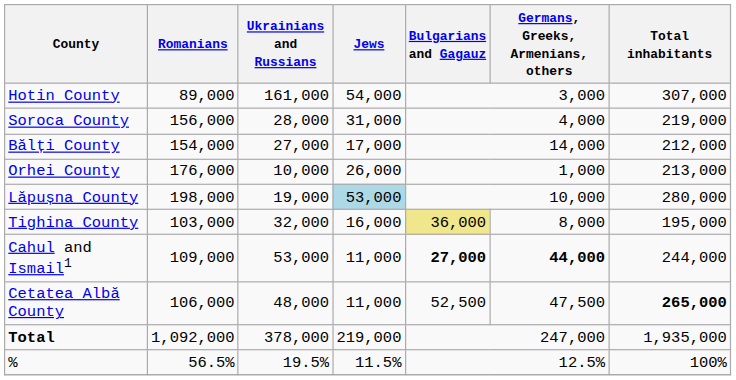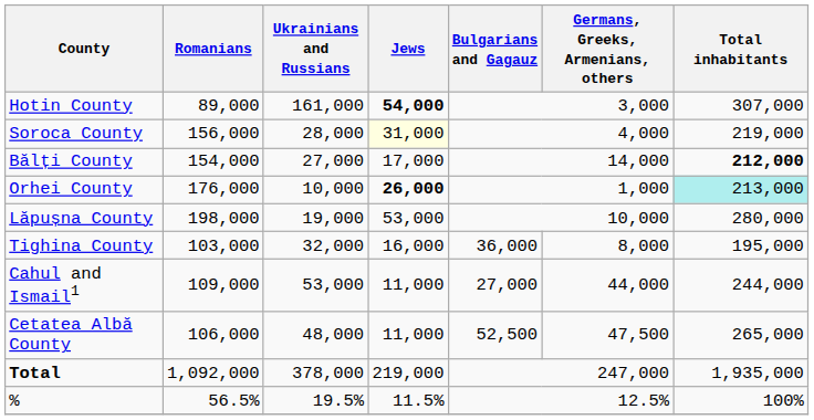 <table class="wikitable">
 <tr>
 <th><small>County</small></th>
 <th><small><a href='#'>Romanians</a></small></th>
 <th><small><a href='#'>Ukrainians</a><br>and <a href='#'>Russians</a></small></th>
 <th><small><a href='#'>Jews</a></small></th>
 <th><small><a href='#'>Bulgarians</a><br>and <a href='#'>Gagauz</a></small></th>
 <th><small><a href='#'>Germans</a>, Greeks,<br>Armenians, others</small></th>
 <th><small>Total inhabitants</small></th>
 </tr>
 <tr>
 <td><a href='#'>Hotin County</a></td>
 <td align="right">89,000</td>
 <td align="right">161,000</td>
-<td align="right">54,000</td>
+<td align="right"><strong>54,000</strong></td>
 <td colspan="2" align="right">3,000</td>
 <td align="right">307,000</td>
 </tr>
 <tr>
 <td><a href='#'>Soroca County</a></td>
 <td align="right">156,000</td>
 <td align="right">28,000</td>
-<td align="right">31,000</td>
+<td align="right" style="background: lightyellow;">31,000</td>
 <td colspan="2" align="right">4,000</td>
 <td align="right">219,000</td>
 </tr>
 <tr>
 <td><a href='#'>Bălți County</a></td>
 <td align="right">154,000</td>
 <td align="right">27,000</td>
 <td align="right">17,000</td>
 <td colspan="2" align="right">14,000</td>
-<td align="right">212,000</td>
+<td align="right"><strong>212,000</strong></td>
 </tr>
 <tr>
 <td><a href='#'>Orhei County</a></td>
 <td align="right">176,000</td>
 <td align="right">10,000</td>
-<td align="right">26,000</td>
+<td align="right"><strong>26,000</strong></td>
 <td colspan="2" align="right">1,000</td>
-<td align="right">213,000</td>
+<td align="right" style="background: paleturquoise;">213,000</td>
 </tr>
 <tr>
 <td><a href='#'>Lăpușna County</a></td>
 <td align="right">198,000</td>
 <td align="right">19,000</td>
-<td align="right" style="background: lightblue;">53,000</td>
+<td align="right">53,000</td>
 <td colspan="2" align="right">10,000</td>
 <td align="right">280,000</td>
 </tr>
 <tr>
 <td><a href='#'>Tighina County</a></td>
 <td align="right">103,000</td>
 <td align="right">32,000</td>
 <td align="right">16,000</td>
-<td align="right" style="background: khaki;">36,000</td>
+<td align="right">36,000</td>
 <td align="right">8,000</td>
 <td align="right">195,000</td>
 </tr>
 <tr>
 <td><a href='#'>Cahul</a> and <a href='#'>Ismail</a><sup>1</sup></td>
 <td align="right">109,000</td>
 <td align="right">53,000</td>
 <td align="right">11,000</td>
-<td align="right"><strong>27,000</strong></td>
-<td align="right"><strong>44,000</strong></td>
+<td align="right">27,000</td>
+<td align="right">44,000</td>
 <td align="right">244,000</td>
 </tr>
 <tr>
 <td><a href='#'>Cetatea Albă County</a></td>
 <td align="right">106,000</td>
 <td align="right">48,000</td>
 <td align="right">11,000</td>
 <td align="right">52,500</td>
 <td align="right">47,500</td>
-<td align="right"><strong>265,000</strong></td>
+<td align="right">265,000</td>
 </tr>
 <tr>
 <td><strong>Total</strong></td>
 <td align="right">1,092,000</td>
 <td align="right">378,000</td>
 <td align="right">219,000</td>
 <td colspan="2" align="right">247,000</td>
 <td align="right">1,935,000</td>
 </tr>
 <tr>
 <td>%</td>
 <td align="right">56.5%</td>
 <td align="right">19.5%</td>
 <td align="right">11.5%</td>
 <td colspan="2" align="right">12.5%</td>
 <td align="right">100%</td>
 </tr>
 <tr>
 </tr>
 </table>
